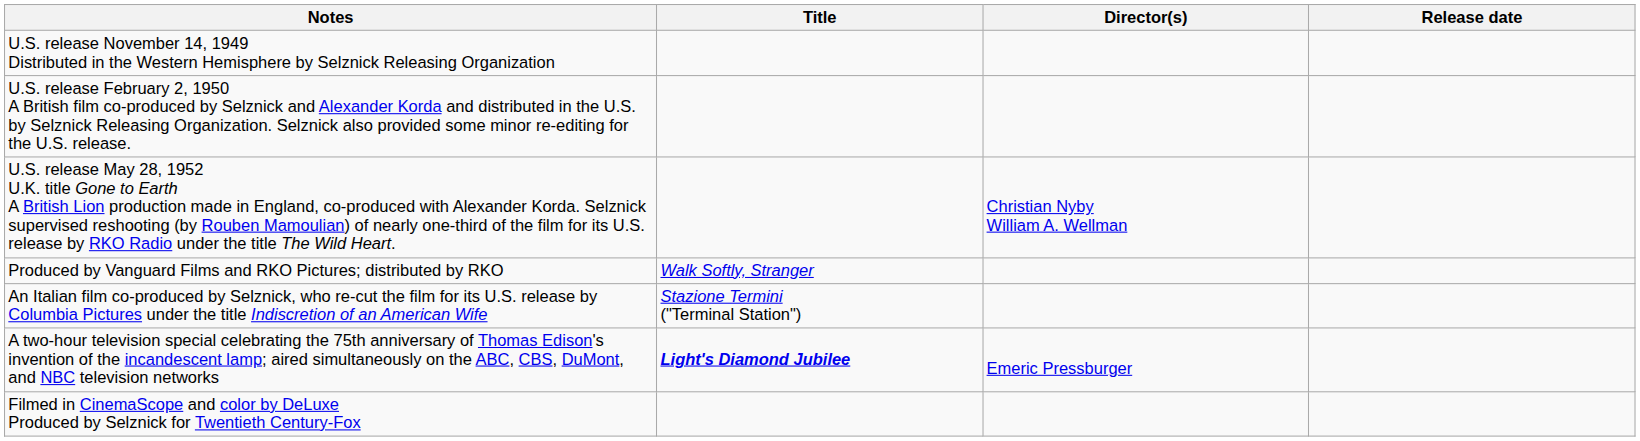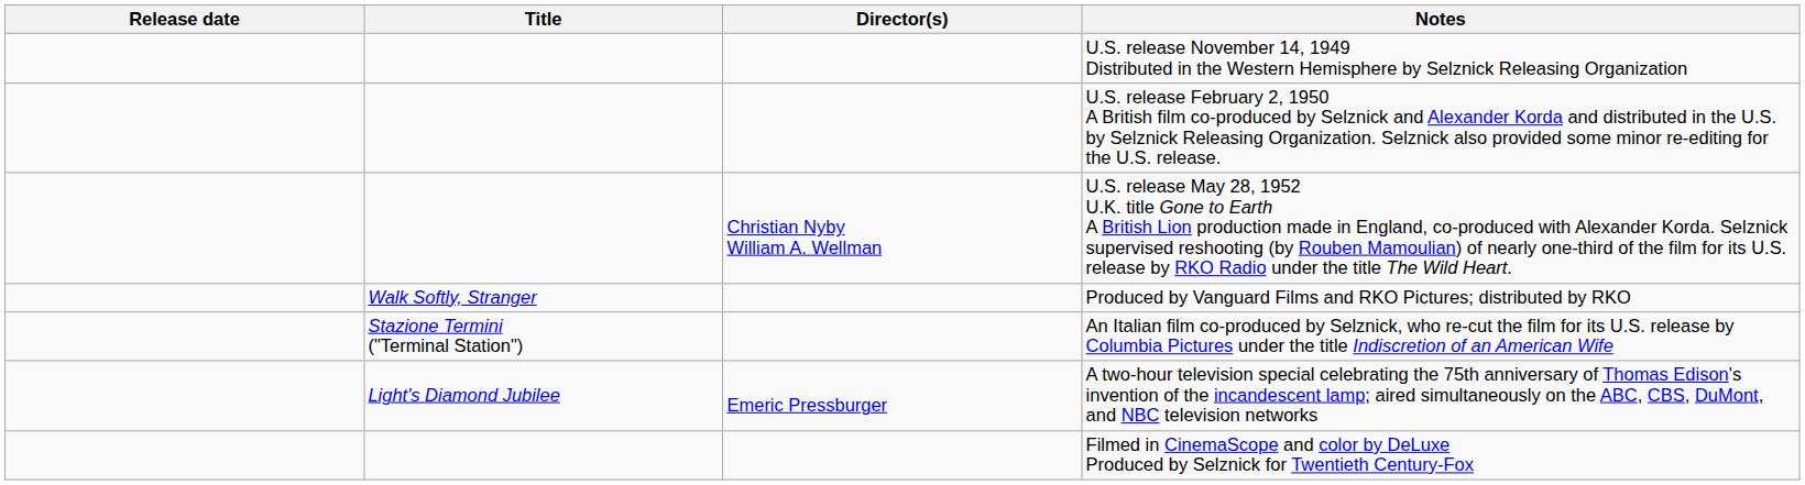 <table class="wikitable sortable" width=100%>
 <tr>
-<th class=unsortable width=40%>Notes</th>
+<th width=20%>Release date</th>
 <th width=20%>Title</th>
 <th width=20%>Director(s)</th>
-<th width=20%>Release date</th>
+<th class=unsortable width=40%>Notes</th>
 </tr>
 <tr>
-<td>U.S. release November 14, 1949<br>Distributed in the Western Hemisphere by Selznick Releasing Organization</td>
+<td></td>
 <td><em></em></td>
 <td></td>
-<td></td>
+<td>U.S. release November 14, 1949<br>Distributed in the Western Hemisphere by Selznick Releasing Organization</td>
 </tr>
 <tr>
-<td>U.S. release February 2, 1950<br>A British film co-produced by Selznick and <a href='#'>Alexander Korda</a> and distributed in the U.S. by Selznick Releasing Organization. Selznick also provided some minor re-editing for the U.S. release.</td>
+<td></td>
 <td><em></em></td>
 <td></td>
-<td></td>
+<td>U.S. release February 2, 1950<br>A British film co-produced by Selznick and <a href='#'>Alexander Korda</a> and distributed in the U.S. by Selznick Releasing Organization. Selznick also provided some minor re-editing for the U.S. release.</td>
 </tr>
 <tr>
-<td>U.S. release May 28, 1952<br>U.K. title <em>Gone to Earth</em><br>A <a href='#'>British Lion</a> production made in England, co-produced with Alexander Korda. Selznick supervised reshooting (by <a href='#'>Rouben Mamoulian</a>) of nearly one-third of the film for its U.S. release by <a href='#'>RKO Radio</a> under the title <em>The Wild Heart</em>.</td>
+<td></td>
 <td><em></em></td>
 <td><br><a href='#'>Christian Nyby</a><br><a href='#'>William A. Wellman</a></td>
-<td></td>
+<td>U.S. release May 28, 1952<br>U.K. title <em>Gone to Earth</em><br>A <a href='#'>British Lion</a> production made in England, co-produced with Alexander Korda. Selznick supervised reshooting (by <a href='#'>Rouben Mamoulian</a>) of nearly one-third of the film for its U.S. release by <a href='#'>RKO Radio</a> under the title <em>The Wild Heart</em>.</td>
 </tr>
 <tr>
-<td>Produced by Vanguard Films and RKO Pictures; distributed by RKO</td>
+<td></td>
 <td><em><a href='#'>Walk Softly, Stranger</a></em></td>
 <td></td>
-<td></td>
+<td>Produced by Vanguard Films and RKO Pictures; distributed by RKO</td>
 </tr>
 <tr>
-<td>An Italian film co-produced by Selznick, who re-cut the film for its U.S. release by <a href='#'>Columbia Pictures</a> under the title <em><a href='#'>Indiscretion of an American Wife</a></em></td>
+<td></td>
 <td><em><a href='#'>Stazione Termini</a></em><br>("Terminal Station")</td>
 <td></td>
-<td></td>
+<td>An Italian film co-produced by Selznick, who re-cut the film for its U.S. release by <a href='#'>Columbia Pictures</a> under the title <em><a href='#'>Indiscretion of an American Wife</a></em></td>
 </tr>
 <tr>
+<td></td>
+<td><em><a href='#'>Light's Diamond Jubilee</a></em></td>
+<td><br><a href='#'>Emeric Pressburger</a></td>
 <td>A two-hour television special celebrating the 75th anniversary of <a href='#'>Thomas Edison</a>'s invention of the <a href='#'>incandescent lamp</a>; aired simultaneously on the <a href='#'>ABC</a>, <a href='#'>CBS</a>, <a href='#'>DuMont</a>, and <a href='#'>NBC</a> television networks</td>
-<td><strong><em><a href='#'>Light's Diamond Jubilee</a></em></strong></td>
-<td><br><a href='#'>Emeric Pressburger</a></td>
-<td></td>
 </tr>
 <tr>
-<td>Filmed in <a href='#'>CinemaScope</a> and <a href='#'>color by DeLuxe</a><br>Produced by Selznick for <a href='#'>Twentieth Century-Fox</a></td>
+<td></td>
 <td><em></em></td>
 <td></td>
-<td></td>
+<td>Filmed in <a href='#'>CinemaScope</a> and <a href='#'>color by DeLuxe</a><br>Produced by Selznick for <a href='#'>Twentieth Century-Fox</a></td>
 </tr>
 </table>
